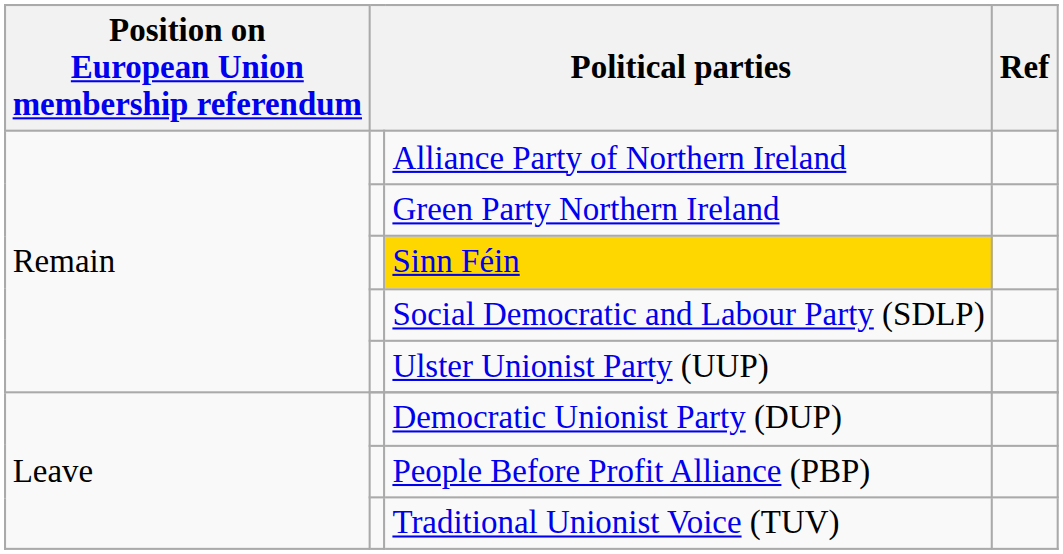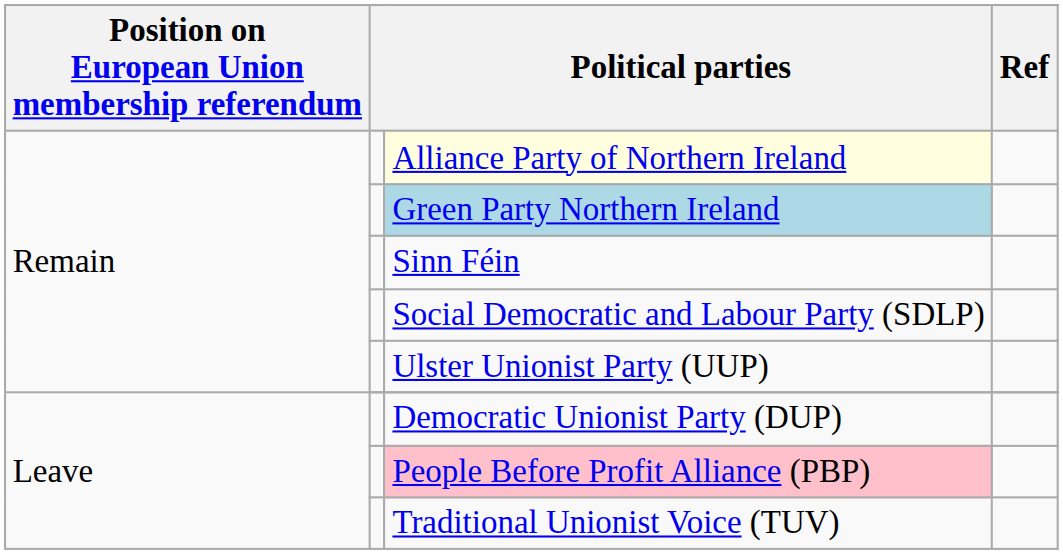 <table class="wikitable">
 <tr>
 <th>Position on<br><a href='#'>European Union <br>membership referendum</a></th>
 <th colspan=2>Political parties</th>
 <th>Ref</th>
 </tr>
 <tr>
 <td rowspan="5">Remain</td>
 <td style="background-color: "></td>
-<td><a href='#'>Alliance Party of Northern Ireland</a></td>
+<td style="background: lightyellow;"><a href='#'>Alliance Party of Northern Ireland</a></td>
 <td></td>
 </tr>
 <tr>
 <td style="background-color: "></td>
-<td><a href='#'>Green Party Northern Ireland</a></td>
+<td style="background: lightblue;"><a href='#'>Green Party Northern Ireland</a></td>
 <td></td>
 </tr>
 <tr>
 <td style="background-color: "></td>
-<td style="background: gold;"><a href='#'>Sinn Féin</a></td>
+<td><a href='#'>Sinn Féin</a></td>
 <td></td>
 </tr>
 <tr>
 <td style="background-color: "></td>
 <td><a href='#'>Social Democratic and Labour Party</a> (SDLP)</td>
 <td></td>
 </tr>
 <tr>
 <td style="background-color: "></td>
 <td><a href='#'>Ulster Unionist Party</a> (UUP)</td>
 <td></td>
 </tr>
 <tr>
 <td rowspan="4">Leave</td>
 </tr>
 <tr>
 <td style="background-color: "></td>
 <td><a href='#'>Democratic Unionist Party</a> (DUP)</td>
 <td></td>
 </tr>
 <tr>
 <td style="background-color: "></td>
-<td><a href='#'>People Before Profit Alliance</a> (PBP)</td>
+<td style="background: pink;"><a href='#'>People Before Profit Alliance</a> (PBP)</td>
 <td></td>
 </tr>
 <tr>
 <td style="background-color: "></td>
 <td><a href='#'>Traditional Unionist Voice</a> (TUV)</td>
 <td></td>
 </tr>
 </table>
